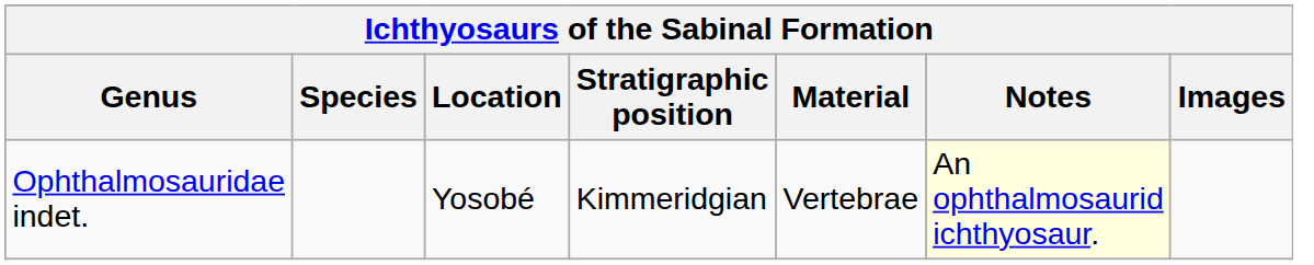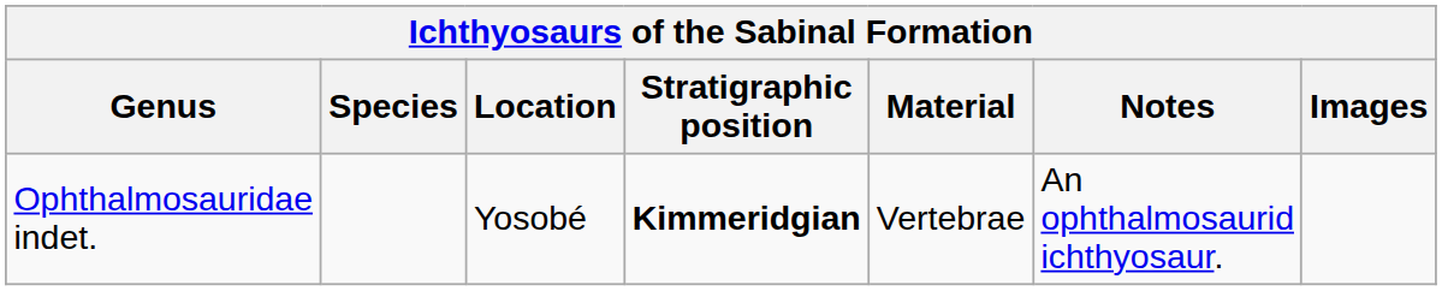 <table class="wikitable" width="100%" align="center">
 <tr>
 <th colspan="8" align="center"><a href='#'>Ichthyosaurs</a> of the Sabinal Formation</th>
 </tr>
 <tr>
 <th>Genus</th>
 <th>Species</th>
 <th>Location</th>
 <th>Stratigraphic position</th>
 <th>Material</th>
 <th>Notes</th>
 <th>Images</th>
 </tr>
 <tr>
 <td><a href='#'>Ophthalmosauridae</a> indet.</td>
 <td></td>
 <td>Yosobé</td>
-<td>Kimmeridgian</td>
+<td><strong>Kimmeridgian</strong></td>
 <td>Vertebrae</td>
-<td style="background: lightyellow;">An <a href='#'>ophthalmosaurid</a> <a href='#'>ichthyosaur</a>.</td>
+<td>An <a href='#'>ophthalmosaurid</a> <a href='#'>ichthyosaur</a>.</td>
 <td></td>
 </tr>
 </table>
